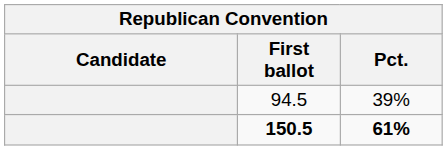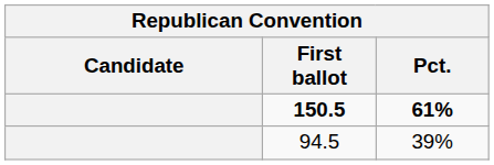 <table class="wikitable sortable plainrowheaders">
 <tr>
 <th colspan="3" >Republican Convention</th>
 </tr>
 <tr style="background:#eee; text-align:center;">
 <th scope="col" style="width: 12em">Candidate</th>
 <th scope="col"  style="width: 5em">First ballot</th>
 <th scope="col"  style="width: 5em">Pct.</th>
 </tr>
 <tr>
+<th scope="row"><strong></strong></th>
+<td style="text-align:center;"><strong>150.5</strong></td>
+<td style="text-align:center;"><strong>61%</strong></td>
+</tr>
+<tr>
 <th scope="row"></th>
 <td style="text-align:center;">94.5</td>
 <td style="text-align:center;">39%</td>
 </tr>
-<tr>
-<th scope="row"><strong></strong></th>
-<td style="text-align:center;"><strong>150.5</strong></td>
-<td style="text-align:center;"><strong>61%</strong></td>
-</tr>
 </table>
